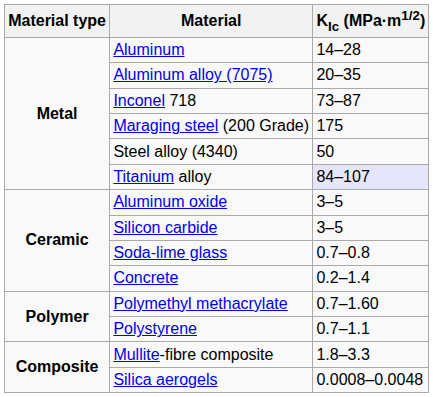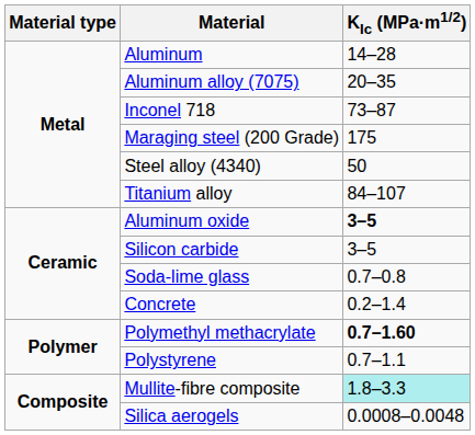 <table class="wikitable floatright">
 <tr>
 <th>Material type</th>
 <th>Material</th>
 <th>K<sub>Ic</sub> (MPa·m<sup>1/2</sup>)</th>
 </tr>
 <tr>
 <td rowspan=6 align="center"><strong>Metal</strong></td>
 <td><a href='#'>Aluminum</a></td>
 <td>14–28</td>
 </tr>
 <tr>
 <td><a href='#'>Aluminum alloy (7075)</a></td>
 <td>20–35</td>
 </tr>
 <tr>
 <td><a href='#'>Inconel</a> 718</td>
 <td>73–87</td>
 </tr>
 <tr>
 <td><a href='#'>Maraging steel</a> (200 Grade)</td>
 <td>175</td>
 </tr>
 <tr>
 <td>Steel alloy (4340)</td>
 <td>50</td>
 </tr>
 <tr>
 <td><a href='#'>Titanium</a> alloy</td>
-<td style="background: lavender;">84–107</td>
+<td>84–107</td>
 </tr>
 <tr>
 <td rowspan=4 align="center"><strong>Ceramic</strong></td>
 <td><a href='#'>Aluminum oxide</a></td>
-<td>3–5</td>
+<td><strong>3–5</strong></td>
 </tr>
 <tr>
 <td><a href='#'>Silicon carbide</a></td>
 <td>3–5</td>
 </tr>
 <tr>
 <td><a href='#'>Soda-lime glass</a></td>
 <td>0.7–0.8</td>
 </tr>
 <tr>
 <td><a href='#'>Concrete</a></td>
 <td>0.2–1.4</td>
 </tr>
 <tr>
 <td rowspan=2 align="center"><strong>Polymer</strong></td>
 <td><a href='#'>Polymethyl methacrylate</a></td>
-<td>0.7–1.60</td>
+<td><strong>0.7–1.60</strong></td>
 </tr>
 <tr>
 <td><a href='#'>Polystyrene</a></td>
 <td>0.7–1.1</td>
 </tr>
 <tr>
 <td rowspan=2 align="center"><strong>Composite</strong></td>
 <td><a href='#'>Mullite</a>-fibre composite</td>
-<td>1.8–3.3</td>
+<td style="background: paleturquoise;">1.8–3.3</td>
 </tr>
 <tr>
 <td><a href='#'>Silica aerogels</a></td>
 <td>0.0008–0.0048</td>
 </tr>
 </table>
